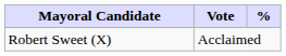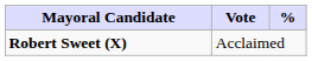 <table class="wikitable">
 <tr>
 <th style="background:#ddf; width:200px;">Mayoral Candidate</th>
 <th style="background:#ddf; width:50px;">Vote</th>
 <th style="background:#ddf; width:30px;">%</th>
 </tr>
 <tr>
-<td>Robert Sweet (X)</td>
+<td><strong>Robert Sweet (X)</strong></td>
 <td colspan="2">Acclaimed</td>
 </tr>
 </table>
